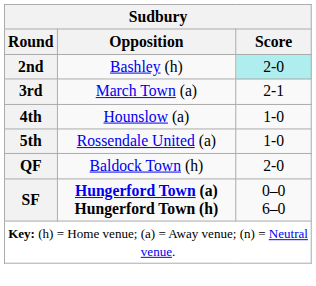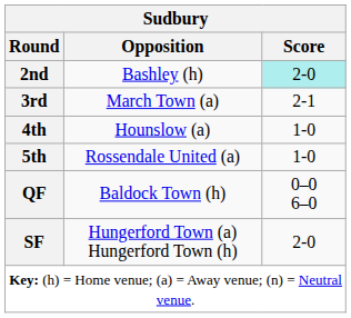 <table class="wikitable plainrowheaders" style="text-align:center;margin:0">
 <tr>
 <th colspan=3 style="width:1*">Sudbury</th>
 </tr>
 <tr>
 <th scope="col" style="width:25px">Round</th>
 <th scope="col" style="width:175px">Opposition</th>
 <th scope="col" style="width:70px">Score</th>
 </tr>
 <tr>
 <th scope=row style="text-align:center">2nd</th>
 <td><a href='#'>Bashley</a> (h)</td>
 <td style="background: paleturquoise;">2-0</td>
 </tr>
 <tr>
 <th scope=row style="text-align:center">3rd</th>
 <td><a href='#'>March Town</a> (a)</td>
 <td>2-1</td>
 </tr>
 <tr>
 <th scope=row style="text-align:center">4th</th>
 <td><a href='#'>Hounslow</a> (a)</td>
 <td>1-0</td>
 </tr>
 <tr>
 <th scope=row style="text-align:center">5th</th>
 <td><a href='#'>Rossendale United</a> (a)</td>
 <td>1-0</td>
 </tr>
 <tr>
 <th scope=row style="text-align:center">QF</th>
 <td><a href='#'>Baldock Town</a> (h)</td>
-<td>2-0</td>
+<td>0–0 <br>6–0</td>
 </tr>
 <tr>
 <th scope=row style="text-align:center">SF</th>
-<td><strong><a href='#'>Hungerford Town</a> (a)<br>Hungerford Town (h)</strong></td>
-<td>0–0 <br>6–0</td>
+<td><a href='#'>Hungerford Town</a> (a)<br>Hungerford Town (h)</td>
+<td>2-0</td>
 </tr>
 <tr>
 <td colspan="3" style="background-color:white"><small><strong>Key:</strong> (h) = Home venue; (a) = Away venue; (n) = <a href='#'>Neutral venue</a>.</small></td>
 </tr>
 </table>
